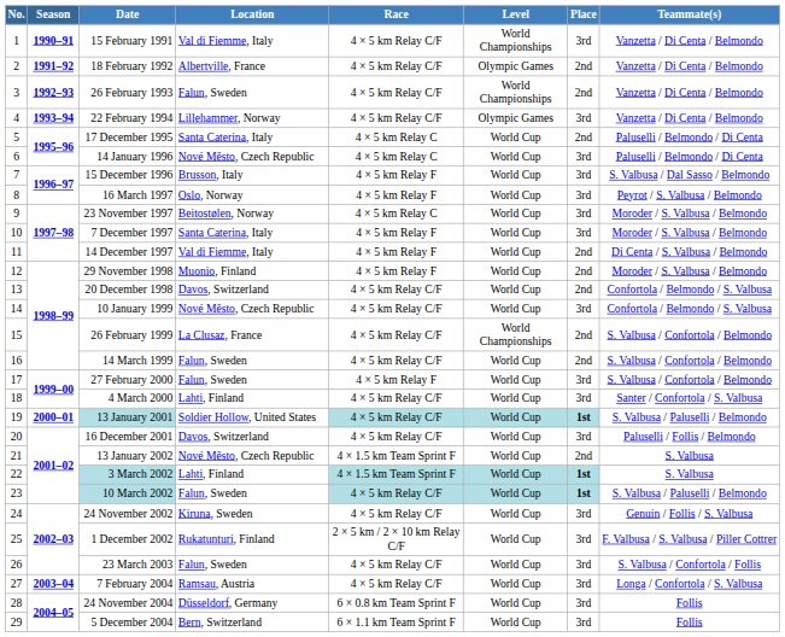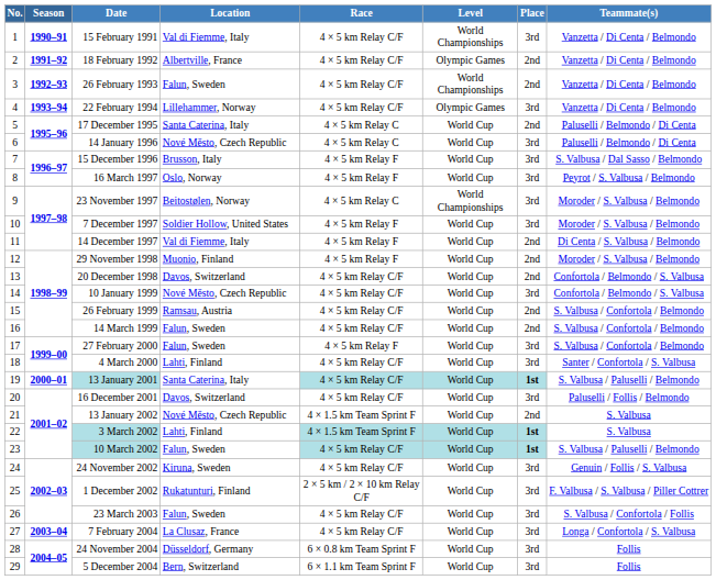 <table class="wikitable sortable" style="font-size:95%; text-align:center; border:grey solid 1px; border-collapse:collapse; background:#ffffff;">
 <tr style="background:#efefef;">
 <th style="background-color:#369; color:white;">No.</th>
 <th style="background-color:#369; color:white;">Season</th>
 <th style="background-color:#4180be; color:white; width:120px;">Date</th>
 <th style="background-color:#4180be; color:white; width:195px;">Location</th>
 <th style="background-color:#4180be; color:white; width:170px;">Race</th>
 <th style="background-color:#4180be; color:white; width:130px;">Level</th>
 <th style="background-color:#4180be; color:white;">Place</th>
 <th style="background-color:#4180be; color:white;">Teammate(s)</th>
 </tr>
 <tr>
 <td align=center>1</td>
 <td rowspan=1 align=center><strong> <a href='#'>1990–91</a> </strong></td>
 <td align=right>15 February 1991</td>
 <td align=left> <a href='#'>Val di Fiemme</a>, Italy</td>
 <td>4 × 5 km Relay C/F</td>
 <td>World Championships</td>
 <td>3rd</td>
 <td><a href='#'>Vanzetta</a> / <a href='#'>Di Centa</a> / <a href='#'>Belmondo</a></td>
 </tr>
 <tr>
 <td align=center>2</td>
 <td rowspan=1 align=center><strong> <a href='#'>1991–92</a> </strong></td>
 <td align=right>18 February 1992</td>
 <td align=left> <a href='#'>Albertville</a>, France</td>
 <td>4 × 5 km Relay C/F</td>
 <td>Olympic Games</td>
 <td>2nd</td>
 <td><a href='#'>Vanzetta</a> / <a href='#'>Di Centa</a> / <a href='#'>Belmondo</a></td>
 </tr>
 <tr>
 <td align=center>3</td>
 <td rowspan=1 align=center><strong> <a href='#'>1992–93</a> </strong></td>
 <td align=right>26 February 1993</td>
 <td align=left> <a href='#'>Falun</a>, Sweden</td>
 <td>4 × 5 km Relay C/F</td>
 <td>World Championships</td>
 <td>2nd</td>
 <td><a href='#'>Vanzetta</a> / <a href='#'>Di Centa</a> / <a href='#'>Belmondo</a></td>
 </tr>
 <tr>
 <td align=center>4</td>
 <td rowspan=1 align=center><strong> <a href='#'>1993–94</a> </strong></td>
 <td align=right>22 February 1994</td>
 <td align=left> <a href='#'>Lillehammer</a>, Norway</td>
 <td>4 × 5 km Relay C/F</td>
 <td>Olympic Games</td>
 <td>3rd</td>
 <td><a href='#'>Vanzetta</a> / <a href='#'>Di Centa</a> / <a href='#'>Belmondo</a></td>
 </tr>
 <tr>
 <td align=center>5</td>
 <td rowspan=2 align=center><strong> <a href='#'>1995–96</a> </strong></td>
 <td align=right>17 December 1995</td>
 <td align=left> <a href='#'>Santa Caterina</a>, Italy</td>
 <td>4 × 5 km Relay C</td>
 <td>World Cup</td>
 <td>2nd</td>
 <td><a href='#'>Paluselli</a> / <a href='#'>Belmondo</a> / <a href='#'>Di Centa</a></td>
 </tr>
 <tr>
 <td align=center>6</td>
 <td align=right>14 January 1996</td>
 <td align=left> <a href='#'>Nové Město</a>, Czech Republic</td>
 <td>4 × 5 km Relay C</td>
 <td>World Cup</td>
 <td>3rd</td>
 <td><a href='#'>Paluselli</a> / <a href='#'>Belmondo</a> / <a href='#'>Di Centa</a></td>
 </tr>
 <tr>
 <td align=center>7</td>
 <td rowspan=2 align=center><strong> <a href='#'>1996–97</a> </strong></td>
 <td align=right>15 December 1996</td>
 <td align=left> <a href='#'>Brusson</a>, Italy</td>
 <td>4 × 5 km Relay F</td>
 <td>World Cup</td>
 <td>3rd</td>
 <td><a href='#'>S. Valbusa</a> / <a href='#'>Dal Sasso</a> / <a href='#'>Belmondo</a></td>
 </tr>
 <tr>
 <td align=center>8</td>
 <td align=right>16 March 1997</td>
 <td align=left> <a href='#'>Oslo</a>, Norway</td>
 <td>4 × 5 km Relay F</td>
 <td>World Cup</td>
 <td>3rd</td>
 <td><a href='#'>Peyrot</a> / <a href='#'>S. Valbusa</a> / <a href='#'>Belmondo</a></td>
 </tr>
 <tr>
 <td align=center>9</td>
 <td rowspan=3 align=center><strong> <a href='#'>1997–98</a> </strong></td>
 <td align=right>23 November 1997</td>
 <td align=left> <a href='#'>Beitostølen</a>, Norway</td>
 <td>4 × 5 km Relay C</td>
-<td>World Cup</td>
+<td>World Championships</td>
 <td>3rd</td>
 <td><a href='#'>Moroder</a> / <a href='#'>S. Valbusa</a> / <a href='#'>Belmondo</a></td>
 </tr>
 <tr>
 <td align=center>10</td>
 <td align=right>7 December 1997</td>
-<td align=left> <a href='#'>Santa Caterina</a>, Italy</td>
+<td align=left> <a href='#'>Soldier Hollow</a>, United States</td>
 <td>4 × 5 km Relay F</td>
 <td>World Cup</td>
 <td>3rd</td>
 <td><a href='#'>Moroder</a> / <a href='#'>S. Valbusa</a> / <a href='#'>Belmondo</a></td>
 </tr>
 <tr>
 <td align=center>11</td>
 <td align=right>14 December 1997</td>
 <td align=left> <a href='#'>Val di Fiemme</a>, Italy</td>
 <td>4 × 5 km Relay F</td>
 <td>World Cup</td>
 <td>2nd</td>
 <td><a href='#'>Di Centa</a> / <a href='#'>S. Valbusa</a> / <a href='#'>Belmondo</a></td>
 </tr>
 <tr>
 <td align=center>12</td>
 <td rowspan=5 align=center><strong> <a href='#'>1998–99</a> </strong></td>
 <td align=right>29 November 1998</td>
 <td align=left> <a href='#'>Muonio</a>, Finland</td>
 <td>4 × 5 km Relay F</td>
 <td>World Cup</td>
 <td>2nd</td>
 <td><a href='#'>Moroder</a> / <a href='#'>S. Valbusa</a> / <a href='#'>Belmondo</a></td>
 </tr>
 <tr>
 <td align=center>13</td>
 <td align=right>20 December 1998</td>
 <td align=left> <a href='#'>Davos</a>, Switzerland</td>
 <td>4 × 5 km Relay C/F</td>
 <td>World Cup</td>
 <td>2nd</td>
 <td><a href='#'>Confortola</a> / <a href='#'>Belmondo</a> / <a href='#'>S. Valbusa</a></td>
 </tr>
 <tr>
 <td align=center>14</td>
 <td align=right>10 January 1999</td>
 <td align=left> <a href='#'>Nové Město</a>, Czech Republic</td>
 <td>4 × 5 km Relay C/F</td>
 <td>World Cup</td>
 <td>3rd</td>
 <td><a href='#'>Confortola</a> / <a href='#'>Belmondo</a> / <a href='#'>S. Valbusa</a></td>
 </tr>
 <tr>
 <td align=center>15</td>
 <td align=right>26 February 1999</td>
-<td align=left> <a href='#'>La Clusaz</a>, France</td>
+<td align=left> <a href='#'>Ramsau</a>, Austria</td>
 <td>4 × 5 km Relay C/F</td>
-<td>World Championships</td>
+<td>World Cup</td>
 <td>2nd</td>
 <td><a href='#'>S. Valbusa</a> / <a href='#'>Confortola</a> / <a href='#'>Belmondo</a></td>
 </tr>
 <tr>
 <td align=center>16</td>
 <td align=right>14 March 1999</td>
 <td align=left> <a href='#'>Falun</a>, Sweden</td>
 <td>4 × 5 km Relay C/F</td>
 <td>World Cup</td>
 <td>2nd</td>
 <td><a href='#'>S. Valbusa</a> / <a href='#'>Confortola</a> / <a href='#'>Belmondo</a></td>
 </tr>
 <tr>
 <td align=center>17</td>
 <td rowspan=2 align=center><strong> <a href='#'>1999–00</a> </strong></td>
 <td align=right>27 February 2000</td>
 <td align=left> <a href='#'>Falun</a>, Sweden</td>
 <td>4 × 5 km Relay F</td>
 <td>World Cup</td>
 <td>3rd</td>
 <td><a href='#'>S. Valbusa</a> / <a href='#'>Confortola</a> / <a href='#'>Belmondo</a></td>
 </tr>
 <tr>
 <td align=center>18</td>
 <td align=right>4 March 2000</td>
 <td align=left> <a href='#'>Lahti</a>, Finland</td>
 <td>4 × 5 km Relay C/F</td>
 <td>World Cup</td>
 <td>3rd</td>
 <td><a href='#'>Santer</a> / <a href='#'>Confortola</a> / <a href='#'>S. Valbusa</a></td>
 </tr>
 <tr>
 <td align=center>19</td>
 <td rowspan=1 align=center><strong><a href='#'>2000–01</a></strong></td>
 <td bgcolor="#BOEOE6" align=right>13 January 2001</td>
-<td align=left> <a href='#'>Soldier Hollow</a>, United States</td>
+<td align=left> <a href='#'>Santa Caterina</a>, Italy</td>
 <td bgcolor="#BOEOE6">4 × 5 km Relay C/F</td>
 <td bgcolor="#BOEOE6">World Cup</td>
 <td bgcolor="#BOEOE6"><strong>1st</strong></td>
 <td><a href='#'>S. Valbusa</a> / <a href='#'>Paluselli</a> / <a href='#'>Belmondo</a></td>
 </tr>
 <tr>
 <td align=center>20</td>
 <td rowspan=4 align=center><strong> <a href='#'>2001–02</a> </strong></td>
 <td align=right>16 December 2001</td>
 <td align=left> <a href='#'>Davos</a>, Switzerland</td>
 <td>4 × 5 km Relay C/F</td>
 <td>World Cup</td>
 <td>3rd</td>
 <td><a href='#'>Paluselli</a> / <a href='#'>Follis</a> / <a href='#'>Belmondo</a></td>
 </tr>
 <tr>
 <td align=center>21</td>
 <td align=right>13 January 2002</td>
 <td align=left> <a href='#'>Nové Město</a>, Czech Republic</td>
 <td>4 × 1.5 km Team Sprint F</td>
 <td>World Cup</td>
 <td>2nd</td>
 <td><a href='#'>S. Valbusa</a></td>
 </tr>
 <tr>
 <td align=center>22</td>
 <td bgcolor="#BOEOE6" align=right>3 March 2002</td>
 <td align=left> <a href='#'>Lahti</a>, Finland</td>
 <td bgcolor="#BOEOE6">4 × 1.5 km Team Sprint F</td>
 <td bgcolor="#BOEOE6">World Cup</td>
 <td bgcolor="#BOEOE6"><strong>1st</strong></td>
 <td><a href='#'>S. Valbusa</a></td>
 </tr>
 <tr>
 <td align=center>23</td>
 <td bgcolor="#BOEOE6" align=right>10 March 2002</td>
 <td align=left> <a href='#'>Falun</a>, Sweden</td>
 <td bgcolor="#BOEOE6">4 × 5 km Relay C/F</td>
 <td bgcolor="#BOEOE6">World Cup</td>
 <td bgcolor="#BOEOE6"><strong>1st</strong></td>
 <td><a href='#'>S. Valbusa</a> / <a href='#'>Paluselli</a> / <a href='#'>Belmondo</a></td>
 </tr>
 <tr>
 <td align=center>24</td>
 <td rowspan=3 align=center><strong> <a href='#'>2002–03</a> </strong></td>
 <td align=right>24 November 2002</td>
 <td align=left> <a href='#'>Kiruna</a>, Sweden</td>
 <td>4 × 5 km Relay C/F</td>
 <td>World Cup</td>
 <td>3rd</td>
 <td><a href='#'>Genuin</a> / <a href='#'>Follis</a> / <a href='#'>S. Valbusa</a></td>
 </tr>
 <tr>
 <td align=center>25</td>
 <td align=right>1 December 2002</td>
 <td align=left> <a href='#'>Rukatunturi</a>, Finland</td>
 <td>2 × 5 km / 2 × 10 km Relay C/F</td>
 <td>World Cup</td>
 <td>3rd</td>
 <td><a href='#'>F. Valbusa</a> / <a href='#'>S. Valbusa</a> / <a href='#'>Piller Cottrer</a></td>
 </tr>
 <tr>
 <td align=center>26</td>
 <td align=right>23 March 2003</td>
 <td align=left> <a href='#'>Falun</a>, Sweden</td>
 <td>4 × 5 km Relay C/F</td>
 <td>World Cup</td>
 <td>3rd</td>
 <td><a href='#'>S. Valbusa</a> / <a href='#'>Confortola</a> / <a href='#'>Follis</a></td>
 </tr>
 <tr>
 <td align=center>27</td>
 <td rowspan=1 align=center><strong> <a href='#'>2003–04</a> </strong></td>
 <td align=right>7 February 2004</td>
-<td align=left> <a href='#'>Ramsau</a>, Austria</td>
+<td align=left> <a href='#'>La Clusaz</a>, France</td>
 <td>4 × 5 km Relay C/F</td>
 <td>World Cup</td>
 <td>3rd</td>
 <td><a href='#'>Longa</a> / <a href='#'>Confortola</a> / <a href='#'>S. Valbusa</a></td>
 </tr>
 <tr>
 <td align=center>28</td>
 <td rowspan=2 align=center><strong> <a href='#'>2004–05</a> </strong></td>
 <td align=right>24 November 2004</td>
 <td align=left> <a href='#'>Düsseldorf</a>, Germany</td>
 <td>6 × 0.8 km Team Sprint F</td>
 <td>World Cup</td>
 <td>3rd</td>
 <td><a href='#'>Follis</a></td>
 </tr>
 <tr>
 <td align=center>29</td>
 <td align=right>5 December 2004</td>
 <td align=left> <a href='#'>Bern</a>, Switzerland</td>
 <td>6 × 1.1 km Team Sprint F</td>
 <td>World Cup</td>
 <td>3rd</td>
 <td><a href='#'>Follis</a></td>
 </tr>
 </table>
